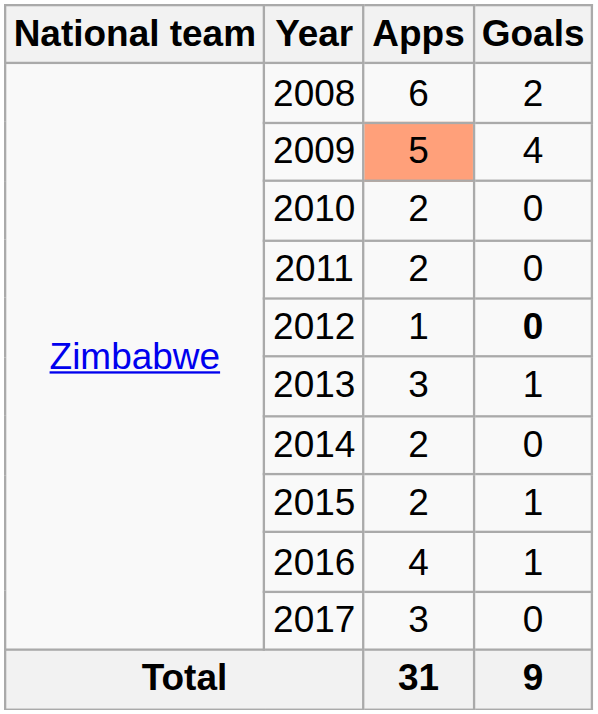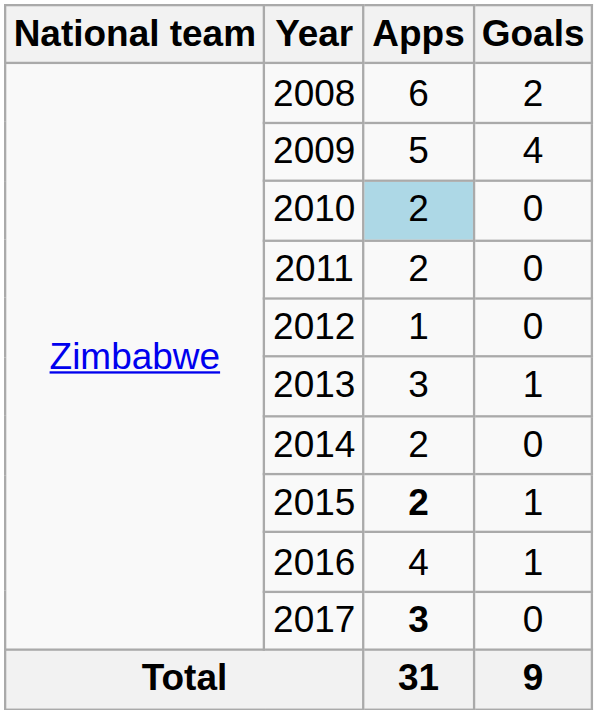 <table class="wikitable" style="text-align:center">
 <tr>
 <th>National team</th>
 <th>Year</th>
 <th>Apps</th>
 <th>Goals</th>
 </tr>
 <tr>
 <td rowspan="10"><a href='#'>Zimbabwe</a></td>
 <td>2008</td>
 <td>6</td>
 <td>2</td>
 </tr>
 <tr>
 <td>2009</td>
-<td style="background: lightsalmon;">5</td>
+<td>5</td>
 <td>4</td>
 </tr>
 <tr>
 <td>2010</td>
-<td>2</td>
+<td style="background: lightblue;">2</td>
 <td>0</td>
 </tr>
 <tr>
 <td>2011</td>
 <td>2</td>
 <td>0</td>
 </tr>
 <tr>
 <td>2012</td>
 <td>1</td>
-<td><strong>0</strong></td>
+<td>0</td>
 </tr>
 <tr>
 <td>2013</td>
 <td>3</td>
 <td>1</td>
 </tr>
 <tr>
 <td>2014</td>
 <td>2</td>
 <td>0</td>
 </tr>
 <tr>
 <td>2015</td>
-<td>2</td>
+<td><strong>2</strong></td>
 <td>1</td>
 </tr>
 <tr>
 <td>2016</td>
 <td>4</td>
 <td>1</td>
 </tr>
 <tr>
 <td>2017</td>
-<td>3</td>
+<td><strong>3</strong></td>
 <td>0</td>
 </tr>
 <tr>
 <th colspan=2>Total</th>
 <th>31</th>
 <th>9</th>
 </tr>
 </table>
